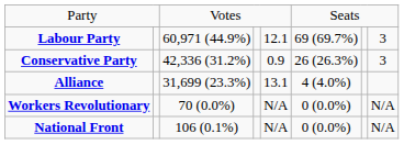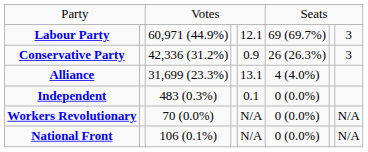 <table class=wikitable style="text-align:center;">
 <tr>
 <td colspan=2>Party</td>
 <td colspan=3>Votes</td>
 <td colspan=3>Seats</td>
 </tr>
 <tr>
 <td><strong><a href='#'>Labour Party</a></strong></td>
 <td style="background:"></td>
 <td>60,971 (44.9%)</td>
 <td></td>
 <td> 12.1</td>
 <td>69 (69.7%)</td>
 <td></td>
 <td> 3</td>
 </tr>
 <tr>
 <td><strong><a href='#'>Conservative Party</a></strong></td>
 <td style="background:"></td>
 <td>42,336 (31.2%)</td>
 <td></td>
 <td> 0.9</td>
 <td>26 (26.3%)</td>
 <td></td>
 <td> 3</td>
 </tr>
 <tr>
 <td><strong><a href='#'>Alliance</a></strong></td>
 <td style="background:"></td>
 <td>31,699 (23.3%)</td>
 <td></td>
 <td> 13.1</td>
 <td>4 (4.0%)</td>
 <td></td>
 <td></td>
 </tr>
 <tr>
+<td><strong><a href='#'>Independent</a></strong></td>
+<td style="background:"></td>
+<td>483 (0.3%)</td>
+<td></td>
+<td> 0.1</td>
+<td>0 (0.0%)</td>
+<td></td>
+<td></td>
+</tr>
+<tr>
 <td><strong><a href='#'>Workers Revolutionary</a></strong></td>
 <td style="background:"></td>
 <td>70 (0.0%)</td>
 <td></td>
 <td>N/A</td>
 <td>0 (0.0%)</td>
 <td></td>
 <td>N/A</td>
 </tr>
 <tr>
 <td><strong><a href='#'>National Front</a></strong></td>
 <td style="background:"></td>
 <td>106 (0.1%)</td>
 <td></td>
 <td>N/A</td>
 <td>0 (0.0%)</td>
 <td></td>
 <td>N/A</td>
 </tr>
 </table>
